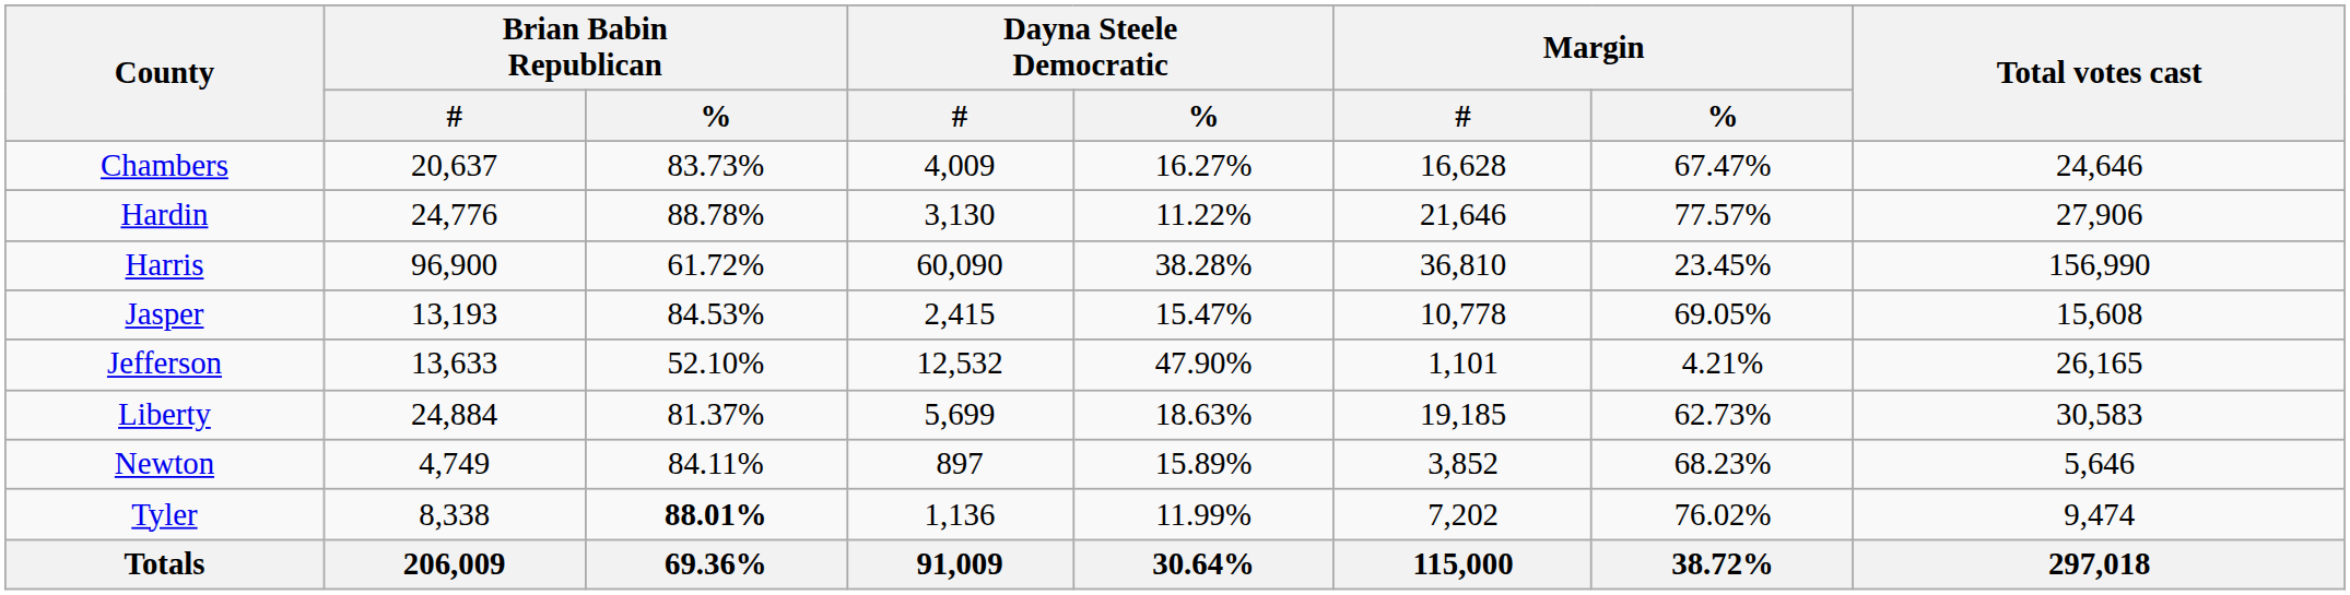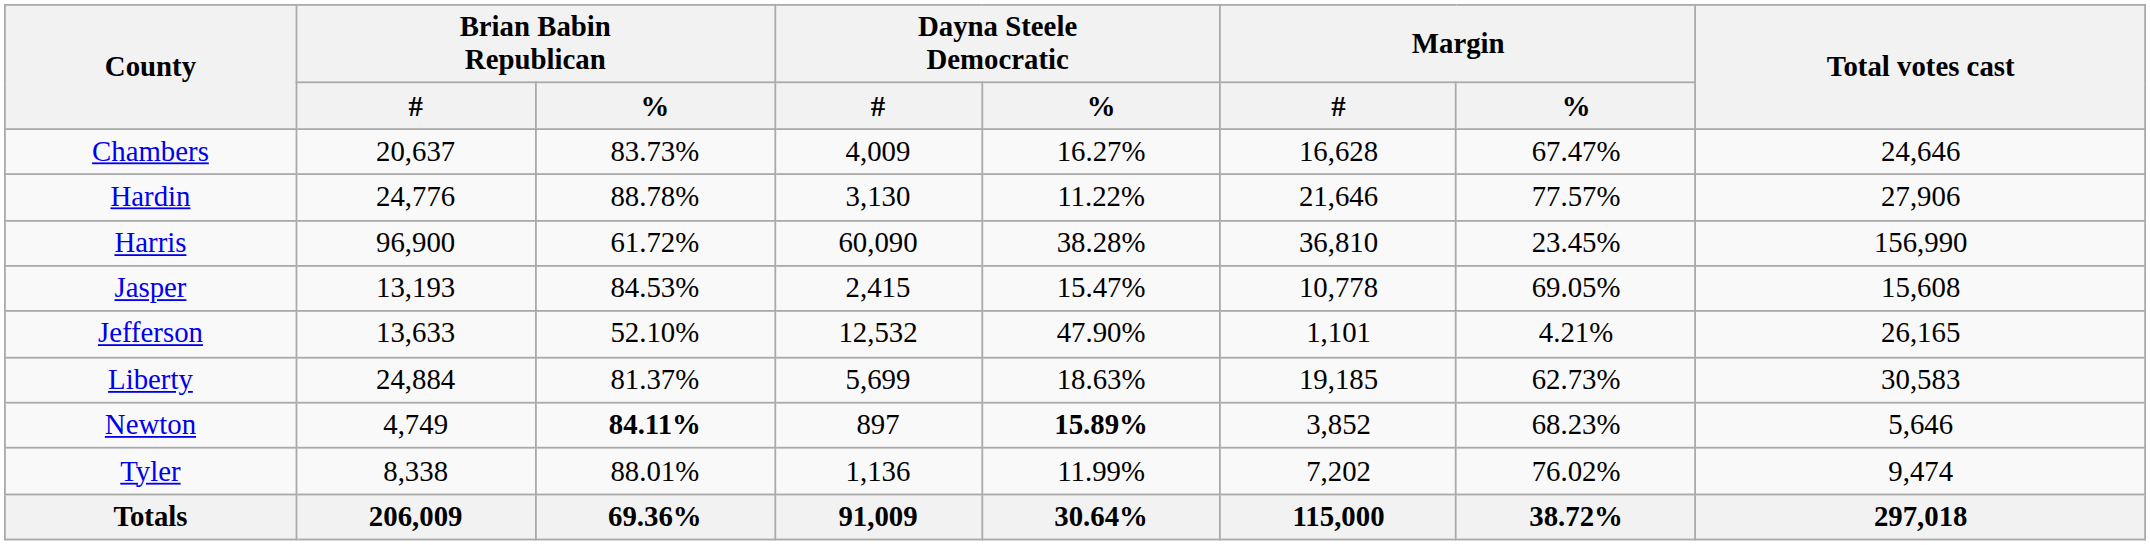 <table width="60%"  class="wikitable sortable" style="text-align:center">
 <tr>
 <th rowspan="2">County</th>
 <th style="text-align:center;" colspan="2">Brian Babin<br>Republican</th>
 <th style="text-align:center;" colspan="2">Dayna Steele<br>Democratic</th>
 <th style="text-align:center;" colspan="2">Margin</th>
 <th rowspan="2" style="text-align:center;">Total votes cast</th>
 </tr>
 <tr>
 <th style="text-align:center;" data-sort-type="number">#</th>
 <th style="text-align:center;" data-sort-type="number">%</th>
 <th style="text-align:center;" data-sort-type="number">#</th>
 <th style="text-align:center;" data-sort-type="number">%</th>
 <th style="text-align:center;" data-sort-type="number">#</th>
 <th style="text-align:center;" data-sort-type="number">%</th>
 </tr>
 <tr style="text-align:center;">
 <td style="background-color:"><a href='#'>Chambers</a></td>
 <td style="background-color:">20,637</td>
 <td style="background-color:">83.73%</td>
 <td style="color:black;background-color:">4,009</td>
 <td style="color:black;background-color:">16.27%</td>
 <td style="background-color:">16,628</td>
 <td style="background-color:">67.47%</td>
 <td style="background-color:">24,646</td>
 </tr>
 <tr style="text-align:center;">
 <td style="background-color:"><a href='#'>Hardin</a></td>
 <td style="background-color:">24,776</td>
 <td style="background-color:">88.78%</td>
 <td style="color:black;background-color:">3,130</td>
 <td style="color:black;background-color:">11.22%</td>
 <td style="background-color:">21,646</td>
 <td style="background-color:">77.57%</td>
 <td style="background-color:">27,906</td>
 </tr>
 <tr style="text-align:center;">
 <td style="background-color:"><a href='#'>Harris</a></td>
 <td style="background-color:">96,900</td>
 <td style="background-color:">61.72%</td>
 <td style="color:black;background-color:">60,090</td>
 <td style="color:black;background-color:">38.28%</td>
 <td style="background-color:">36,810</td>
 <td style="background-color:">23.45%</td>
 <td style="background-color:">156,990</td>
 </tr>
 <tr style="text-align:center;">
 <td style="background-color:"><a href='#'>Jasper</a></td>
 <td style="background-color:">13,193</td>
 <td style="background-color:">84.53%</td>
 <td style="color:black;background-color:">2,415</td>
 <td style="color:black;background-color:">15.47%</td>
 <td style="background-color:">10,778</td>
 <td style="background-color:">69.05%</td>
 <td style="background-color:">15,608</td>
 </tr>
 <tr style="text-align:center;">
 <td style="background-color:"><a href='#'>Jefferson</a></td>
 <td style="background-color:">13,633</td>
 <td style="background-color:">52.10%</td>
 <td style="color:black;background-color:">12,532</td>
 <td style="color:black;background-color:">47.90%</td>
 <td style="background-color:">1,101</td>
 <td style="background-color:">4.21%</td>
 <td style="background-color:">26,165</td>
 </tr>
 <tr style="text-align:center;">
 <td style="background-color:"><a href='#'>Liberty</a></td>
 <td style="background-color:">24,884</td>
 <td style="background-color:">81.37%</td>
 <td style="color:black;background-color:">5,699</td>
 <td style="color:black;background-color:">18.63%</td>
 <td style="background-color:">19,185</td>
 <td style="background-color:">62.73%</td>
 <td style="background-color:">30,583</td>
 </tr>
 <tr style="text-align:center;">
 <td style="background-color:"><a href='#'>Newton</a></td>
 <td style="background-color:">4,749</td>
-<td style="background-color:">84.11%</td>
+<td style="background-color:"><strong>84.11%</strong></td>
 <td style="color:black;background-color:">897</td>
-<td style="color:black;background-color:">15.89%</td>
+<td style="color:black;background-color:"><strong>15.89%</strong></td>
 <td style="background-color:">3,852</td>
 <td style="background-color:">68.23%</td>
 <td style="background-color:">5,646</td>
 </tr>
 <tr style="text-align:center;">
 <td style="background-color:"><a href='#'>Tyler</a></td>
 <td style="background-color:">8,338</td>
-<td style="background-color:"><strong>88.01%</strong></td>
+<td style="background-color:">88.01%</td>
 <td style="color:black;background-color:">1,136</td>
 <td style="color:black;background-color:">11.99%</td>
 <td style="background-color:">7,202</td>
 <td style="background-color:">76.02%</td>
 <td style="background-color:">9,474</td>
 </tr>
 <tr style="text-align:center;">
 <th>Totals</th>
 <th>206,009</th>
 <th>69.36%</th>
 <th>91,009</th>
 <th>30.64%</th>
 <th>115,000</th>
 <th>38.72%</th>
 <th>297,018</th>
 </tr>
 </table>
